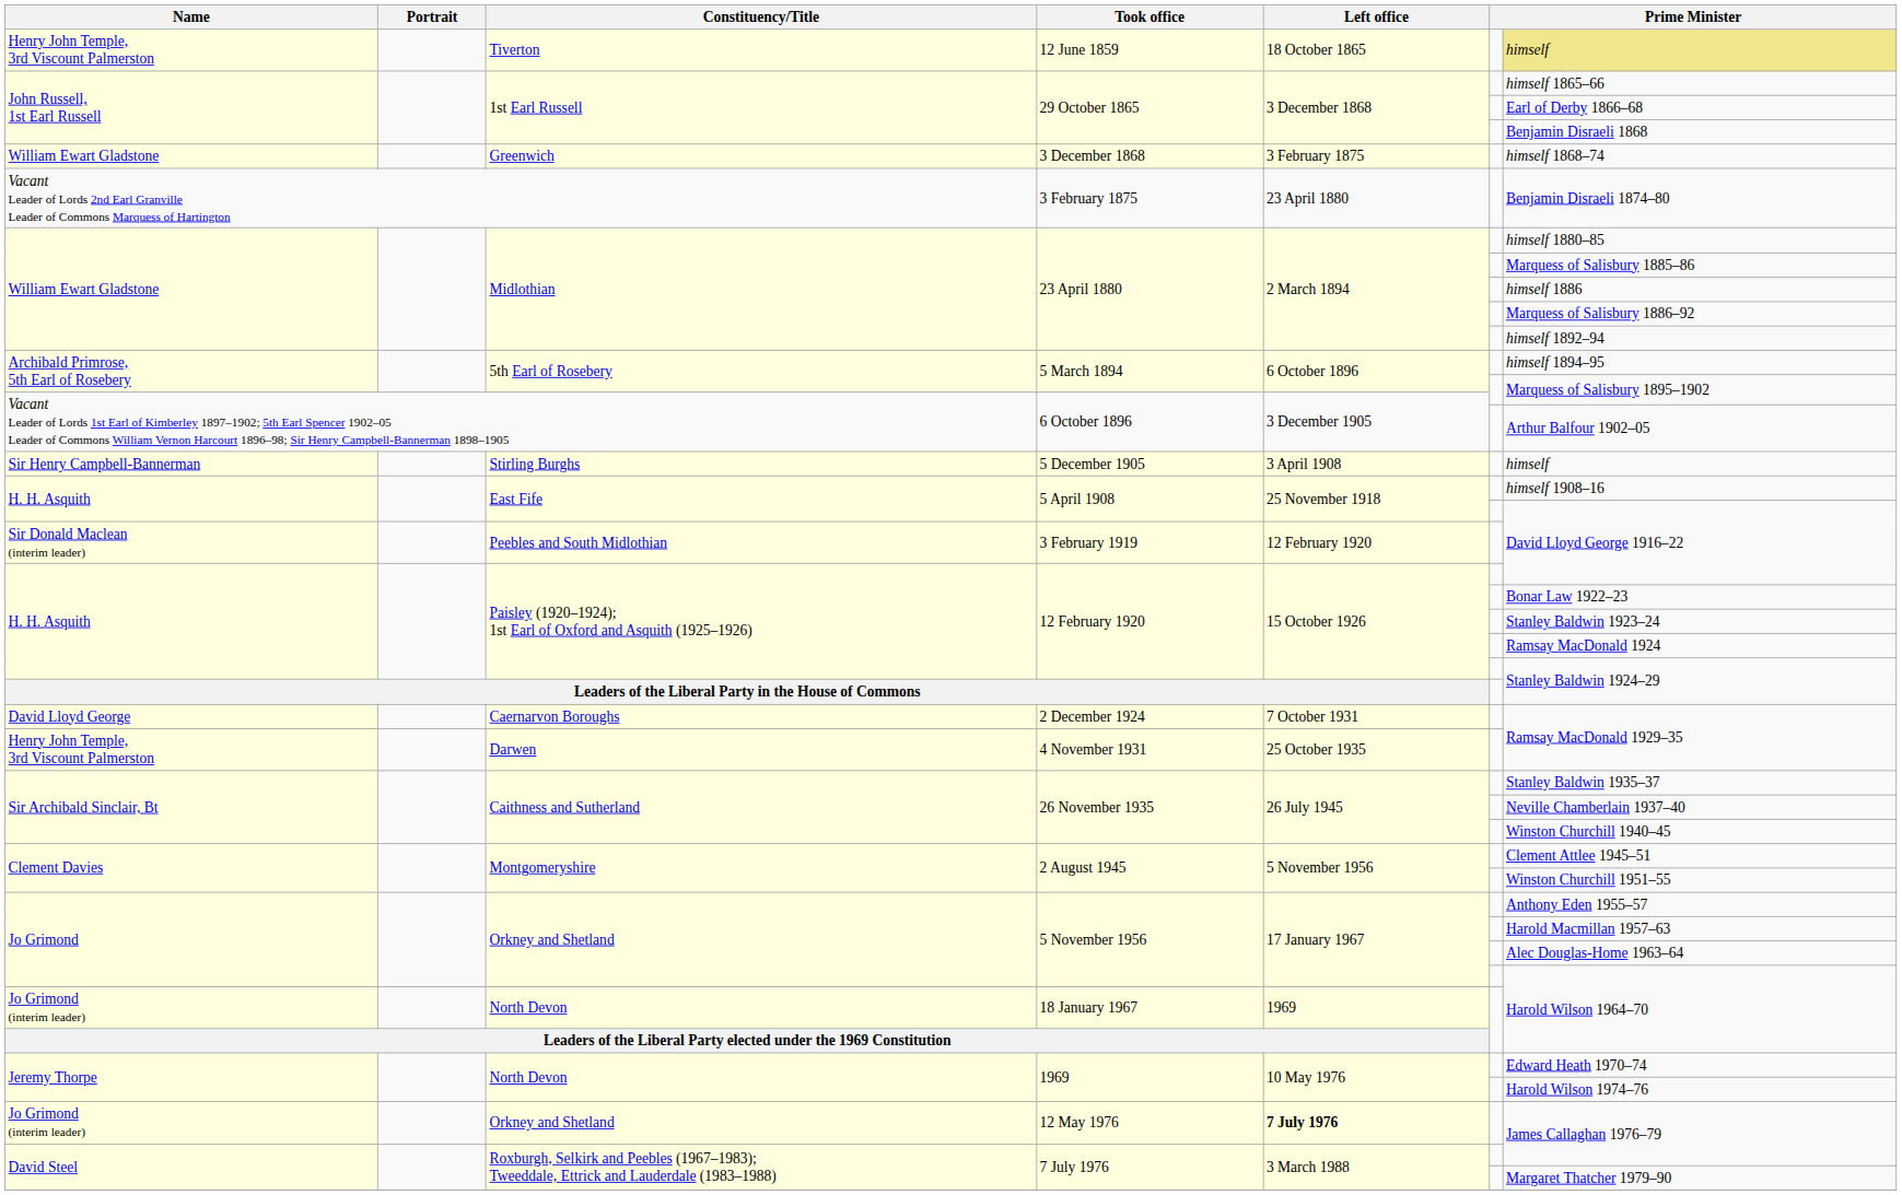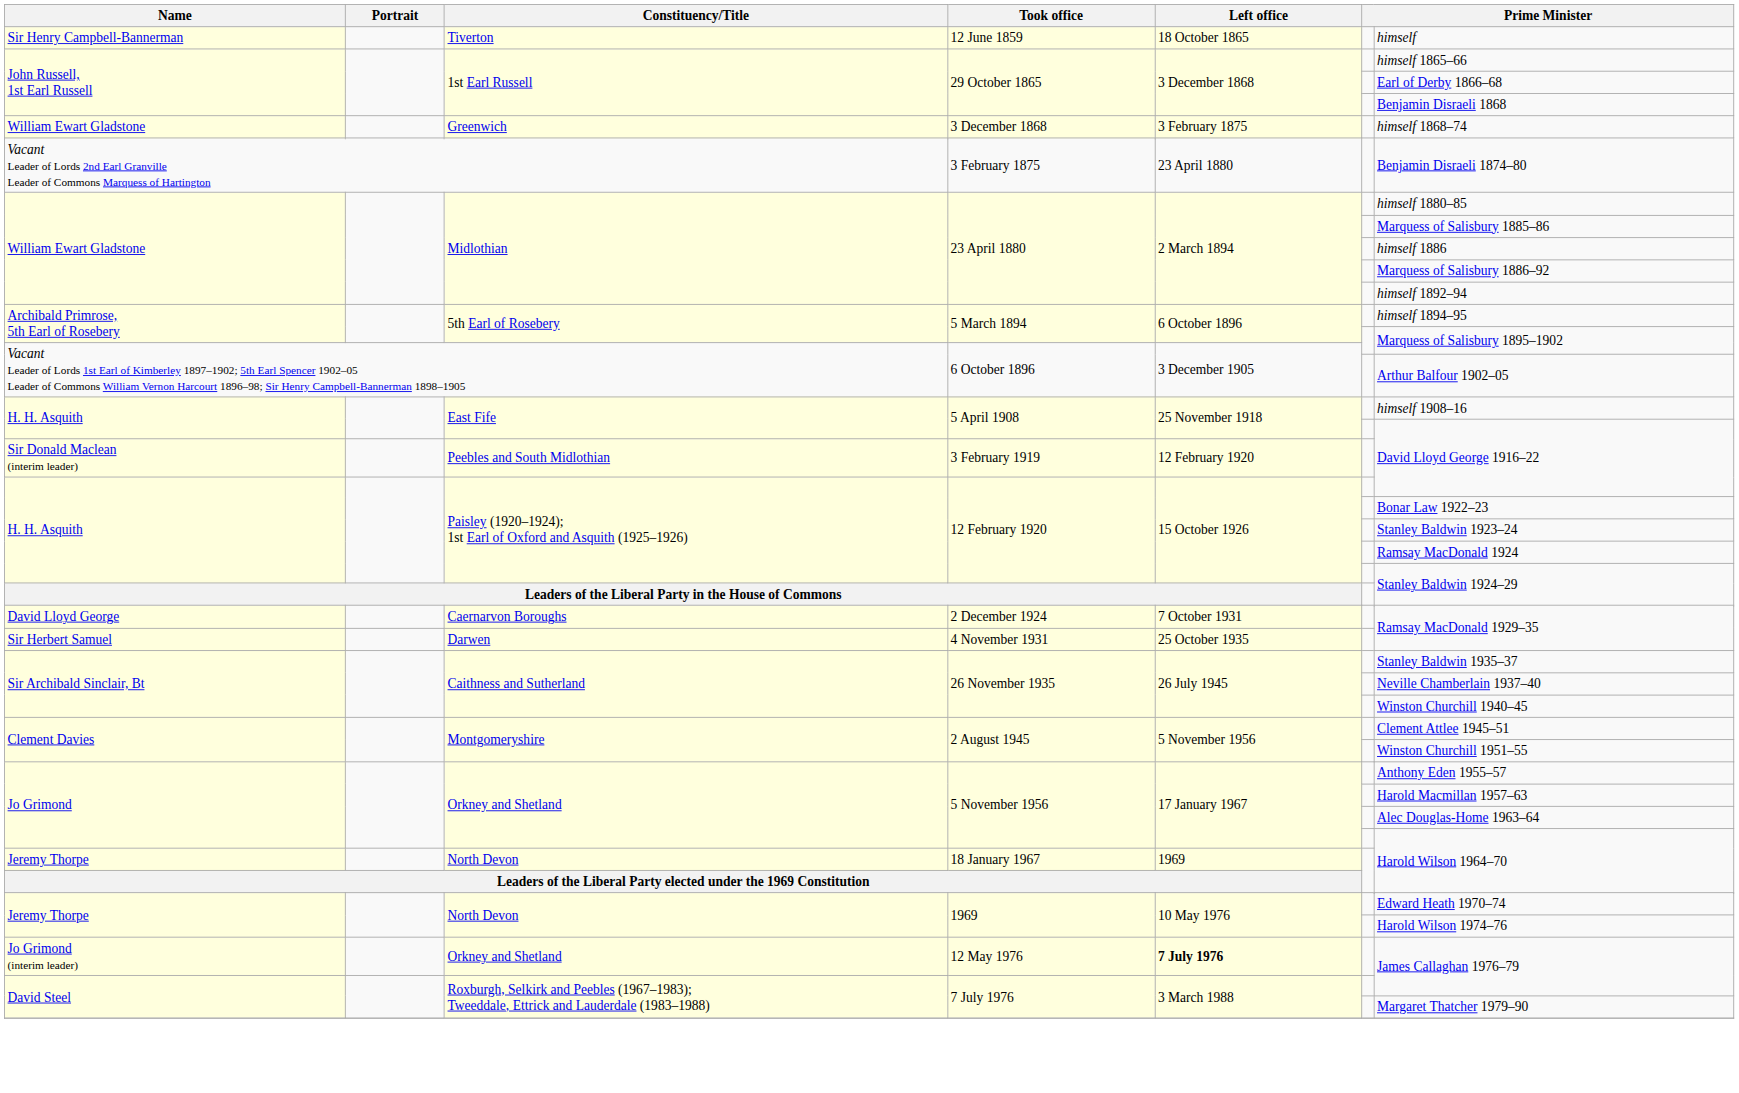 <table class="wikitable" style="font-size: 95%;" width=98%>
 <tr>
 <th>Name</th>
 <th>Portrait</th>
 <th>Constituency/Title</th>
 <th>Took office</th>
 <th>Left office</th>
 <th colspan=2>Prime Minister</th>
 </tr>
 <tr>
-<td bgcolor=#FFFFDD><a href='#'>Henry John Temple,<br>3rd Viscount Palmerston</a></td>
+<td bgcolor=#FFFFDD><a href='#'>Sir Henry Campbell-Bannerman</a></td>
 <td></td>
 <td bgcolor=#FFFFDD><a href='#'>Tiverton</a></td>
 <td bgcolor=#FFFFDD>12 June 1859</td>
 <td bgcolor=#FFFFDD>18 October 1865</td>
 <td style="background-color: "></td>
-<td style="background: khaki;"><em>himself</em></td>
+<td><em>himself</em></td>
 </tr>
 <tr>
 <td rowspan="3" bgcolor=#FFFFDD><a href='#'>John Russell,<br>1st Earl Russell</a></td>
 <td rowspan="3"></td>
 <td rowspan="3" bgcolor=#FFFFDD>1st <a href='#'>Earl Russell</a></td>
 <td rowspan="3" bgcolor=#FFFFDD>29 October 1865</td>
 <td rowspan="3" bgcolor=#FFFFDD>3 December 1868</td>
 <td style="background-color: "></td>
 <td><em>himself</em> 1865–66</td>
 </tr>
 <tr>
 <td style="background-color: "></td>
 <td><a href='#'>Earl of Derby</a> 1866–68</td>
 </tr>
 <tr>
 <td style="background-color: "></td>
 <td><a href='#'>Benjamin Disraeli</a> 1868</td>
 </tr>
 <tr>
 <td rowspan="2" bgcolor=#FFFFDD><a href='#'>William Ewart Gladstone</a></td>
 <td rowspan="2"></td>
 <td rowspan="2" bgcolor=#FFFFDD><a href='#'>Greenwich</a></td>
 <td rowspan="2" bgcolor=#FFFFDD>3 December 1868</td>
 <td rowspan="2" bgcolor=#FFFFDD>3 February 1875</td>
 <td style="background-color: "></td>
 <td><em>himself</em> 1868–74</td>
 </tr>
 <tr>
 <td rowspan="2" style="background-color: "></td>
 <td rowspan="2"><a href='#'>Benjamin Disraeli</a> 1874–80</td>
 </tr>
 <tr>
 <td colspan="3"><em>Vacant</em><br><small>Leader of Lords <a href='#'>2nd Earl Granville</a><br>Leader of Commons <a href='#'>Marquess of Hartington</a></small></td>
 <td>3 February 1875</td>
 <td>23 April 1880</td>
 </tr>
 <tr>
 <td rowspan="5" bgcolor=#FFFFDD><a href='#'>William Ewart Gladstone</a></td>
 <td rowspan="5"></td>
 <td rowspan="5" bgcolor=#FFFFDD><a href='#'>Midlothian</a></td>
 <td rowspan="5" bgcolor=#FFFFDD>23 April 1880</td>
 <td rowspan="5" bgcolor=#FFFFDD>2 March 1894</td>
 <td style="background-color: "></td>
 <td><em>himself</em> 1880–85</td>
 </tr>
 <tr>
 <td style="background-color: "></td>
 <td><a href='#'>Marquess of Salisbury</a> 1885–86</td>
 </tr>
 <tr>
 <td style="background-color: "></td>
 <td><em>himself</em> 1886</td>
 </tr>
 <tr>
 <td style="background-color: "></td>
 <td><a href='#'>Marquess of Salisbury</a> 1886–92</td>
 </tr>
 <tr>
 <td style="background-color: "></td>
 <td><em>himself</em> 1892–94</td>
 </tr>
 <tr>
 <td rowspan="2" bgcolor=#FFFFDD><a href='#'>Archibald Primrose,<br>5th Earl of Rosebery</a></td>
 <td rowspan="2"></td>
 <td rowspan="2" bgcolor=#FFFFDD>5th <a href='#'>Earl of Rosebery</a></td>
 <td rowspan="2" bgcolor=#FFFFDD>5 March 1894</td>
 <td rowspan="2" bgcolor=#FFFFDD>6 October 1896</td>
 <td style="background-color: "></td>
 <td><em>himself</em> 1894–95</td>
 </tr>
 <tr>
 <td rowspan="2" style="background-color: "></td>
 <td rowspan="2"><a href='#'>Marquess of Salisbury</a> 1895–1902</td>
 </tr>
 <tr>
 <td rowspan="2" colspan="3"><em>Vacant</em><br><small>Leader of Lords <a href='#'>1st Earl of Kimberley</a> 1897–1902; <a href='#'>5th Earl Spencer</a> 1902–05<br>Leader of Commons <a href='#'>William Vernon Harcourt</a> 1896–98; <a href='#'>Sir Henry Campbell-Bannerman</a> 1898–1905</small></td>
 <td rowspan="2">6 October 1896</td>
 <td rowspan="2">3 December 1905</td>
 </tr>
 <tr>
 <td style="background-color: "></td>
 <td><a href='#'>Arthur Balfour</a> 1902–05</td>
 </tr>
 <tr>
-<td bgcolor=#FFFFDD><a href='#'>Sir Henry Campbell-Bannerman</a></td>
-<td></td>
-<td bgcolor=#FFFFDD><a href='#'>Stirling Burghs</a></td>
-<td bgcolor=#FFFFDD>5 December 1905</td>
-<td bgcolor=#FFFFDD>3 April 1908</td>
-<td style="background-color: "></td>
-<td><em>himself</em></td>
-</tr>
-<tr>
 <td rowspan="2" bgcolor=#FFFFDD><a href='#'>H. H. Asquith</a></td>
 <td rowspan="2"></td>
 <td rowspan="2" bgcolor=#FFFFDD><a href='#'>East Fife</a></td>
 <td rowspan="2" bgcolor=#FFFFDD>5 April 1908</td>
 <td rowspan="2" bgcolor=#FFFFDD>25 November 1918</td>
 <td style="background-color: "></td>
 <td><em>himself</em> 1908–16</td>
 </tr>
 <tr>
 <td height=15 style="background-color: "></td>
 <td rowspan="3"><a href='#'>David Lloyd George</a> 1916–22</td>
 </tr>
 <tr>
 <td bgcolor=#FFFFDD><a href='#'>Sir Donald Maclean</a><br><small>(interim leader)</small></td>
 <td></td>
 <td bgcolor=#FFFFDD><a href='#'>Peebles and South Midlothian</a></td>
 <td bgcolor=#FFFFDD>3 February 1919</td>
 <td bgcolor=#FFFFDD>12 February 1920</td>
 <td height=15 style="background-color: "></td>
 </tr>
 <tr>
 <td rowspan="5" bgcolor=#FFFFDD><a href='#'>H. H. Asquith</a></td>
 <td rowspan="5"></td>
 <td rowspan="5" bgcolor=#FFFFDD><a href='#'>Paisley</a> (1920–1924);<br>1st <a href='#'>Earl of Oxford and Asquith</a> (1925–1926)</td>
 <td rowspan="5" bgcolor=#FFFFDD>12 February 1920</td>
 <td rowspan="5" bgcolor=#FFFFDD>15 October 1926</td>
 <td height=15 style="background-color: "></td>
 </tr>
 <tr>
 <td style="background-color: "></td>
 <td><a href='#'>Bonar Law</a> 1922–23</td>
 </tr>
 <tr>
 <td style="background-color: "></td>
 <td><a href='#'>Stanley Baldwin</a> 1923–24</td>
 </tr>
 <tr>
 <td style="background-color: "></td>
 <td><a href='#'>Ramsay MacDonald</a> 1924</td>
 </tr>
 <tr>
 <td height=15 style="background-color: "></td>
 <td rowspan="3"><a href='#'>Stanley Baldwin</a> 1924–29</td>
 </tr>
 <tr>
 <th colspan="5">Leaders of the Liberal Party in the House of Commons</th>
 <td rowspan="2" style="background-color: "></td>
 </tr>
 <tr>
 <td rowspan="2" bgcolor=#FFFFDD><a href='#'>David Lloyd George</a></td>
 <td rowspan="2"></td>
 <td rowspan="2" bgcolor=#FFFFDD><a href='#'>Caernarvon Boroughs</a></td>
 <td rowspan="2" bgcolor=#FFFFDD>2 December 1924</td>
 <td rowspan="2" bgcolor=#FFFFDD>7 October 1931</td>
 </tr>
 <tr>
 <td style="background-color: "></td>
 <td rowspan="2"><a href='#'>Ramsay MacDonald</a> 1929–35</td>
 </tr>
 <tr>
-<td bgcolor=#FFFFDD><a href='#'>Henry John Temple,<br>3rd Viscount Palmerston</a></td>
+<td bgcolor=#FFFFDD><a href='#'>Sir Herbert Samuel</a></td>
 <td></td>
 <td bgcolor=#FFFFDD><a href='#'>Darwen</a></td>
 <td bgcolor=#FFFFDD>4 November 1931</td>
 <td bgcolor=#FFFFDD>25 October 1935</td>
 <td style="background-color: "></td>
 </tr>
 <tr>
 <td rowspan="3" bgcolor=#FFFFDD><a href='#'>Sir Archibald Sinclair, Bt</a></td>
 <td rowspan="3"></td>
 <td rowspan="3" bgcolor=#FFFFDD><a href='#'>Caithness and Sutherland</a></td>
 <td rowspan="3" bgcolor=#FFFFDD>26 November 1935</td>
 <td rowspan="3" bgcolor=#FFFFDD>26 July 1945</td>
 <td style="background-color: "></td>
 <td><a href='#'>Stanley Baldwin</a> 1935–37</td>
 </tr>
 <tr>
 <td style="background-color: "></td>
 <td><a href='#'>Neville Chamberlain</a> 1937–40</td>
 </tr>
 <tr>
 <td style="background-color: "></td>
 <td><a href='#'>Winston Churchill</a> 1940–45</td>
 </tr>
 <tr>
 <td rowspan="3" bgcolor=#FFFFDD><a href='#'>Clement Davies</a></td>
 <td rowspan="3"></td>
 <td rowspan="3" bgcolor=#FFFFDD><a href='#'>Montgomeryshire</a></td>
 <td rowspan="3" bgcolor=#FFFFDD>2 August 1945</td>
 <td rowspan="3" bgcolor=#FFFFDD>5 November 1956</td>
 <td style="background-color: "></td>
 <td><a href='#'>Clement Attlee</a> 1945–51</td>
 </tr>
 <tr>
 <td style="background-color: "></td>
 <td><a href='#'>Winston Churchill</a> 1951–55</td>
 </tr>
 <tr>
 <td rowspan="2" style="background-color: "></td>
 <td rowspan="2"><a href='#'>Anthony Eden</a> 1955–57</td>
 </tr>
 <tr>
 <td rowspan="4" bgcolor=#FFFFDD><a href='#'>Jo Grimond</a></td>
 <td rowspan="4"></td>
 <td rowspan="4" bgcolor=#FFFFDD><a href='#'>Orkney and Shetland</a></td>
 <td rowspan="4" bgcolor=#FFFFDD>5 November 1956</td>
 <td rowspan="4" bgcolor=#FFFFDD>17 January 1967</td>
 </tr>
 <tr>
 <td style="background-color: "></td>
 <td><a href='#'>Harold Macmillan</a> 1957–63</td>
 </tr>
 <tr>
 <td style="background-color: "></td>
 <td><a href='#'>Alec Douglas-Home</a> 1963–64</td>
 </tr>
 <tr>
 <td height=15 style="background-color: "></td>
 <td rowspan="4"><a href='#'>Harold Wilson</a> 1964–70</td>
 </tr>
 <tr>
-<td bgcolor=#FFFFDD><a href='#'>Jo Grimond</a><br><small>(interim leader)</small></td>
+<td bgcolor=#FFFFDD><a href='#'>Jeremy Thorpe</a></td>
 <td rowspan="1"></td>
 <td bgcolor=#FFFFDD><a href='#'>North Devon</a></td>
 <td bgcolor=#FFFFDD>18 January 1967</td>
 <td bgcolor=#FFFFDD>1969</td>
 <td rowspan="3" style="background-color: "></td>
 </tr>
 <tr>
 <th colspan="5">Leaders of the Liberal Party elected under the 1969 Constitution</th>
 </tr>
 <tr>
 <td rowspan="3" bgcolor=#FFFFDD><a href='#'>Jeremy Thorpe</a></td>
 <td rowspan="3"></td>
 <td rowspan="3" bgcolor=#FFFFDD><a href='#'>North Devon</a></td>
 <td rowspan="3" bgcolor=#FFFFDD>1969</td>
 <td rowspan="3" bgcolor=#FFFFDD>10 May 1976</td>
 </tr>
 <tr>
 <td style="background-color: "></td>
 <td><a href='#'>Edward Heath</a> 1970–74</td>
 </tr>
 <tr>
 <td style="background-color: "></td>
 <td><a href='#'>Harold Wilson</a> 1974–76</td>
 </tr>
 <tr>
 <td bgcolor=#FFFFDD><a href='#'>Jo Grimond</a><br><small>(interim leader)</small></td>
 <td></td>
 <td bgcolor=#FFFFDD><a href='#'>Orkney and Shetland</a></td>
 <td bgcolor=#FFFFDD>12 May 1976</td>
 <td bgcolor=#FFFFDD><strong>7 July 1976</strong></td>
 <td style="background-color: "></td>
 <td rowspan="2"><a href='#'>James Callaghan</a> 1976–79</td>
 </tr>
 <tr>
 <td rowspan="2" bgcolor=#FFFFDD><a href='#'>David Steel</a></td>
 <td rowspan="2"></td>
 <td rowspan="2" bgcolor=#FFFFDD><a href='#'>Roxburgh, Selkirk and Peebles</a> (1967–1983);<br><a href='#'>Tweeddale, Ettrick and Lauderdale</a> (1983–1988)</td>
 <td rowspan="2" bgcolor=#FFFFDD>7 July 1976</td>
 <td rowspan="2" bgcolor=#FFFFDD>3 March 1988</td>
 <td height=15 style="background-color: "></td>
 </tr>
 <tr>
 <td style="background-color: "></td>
 <td><a href='#'>Margaret Thatcher</a> 1979–90</td>
 </tr>
 <tr>
 </tr>
 </table>
